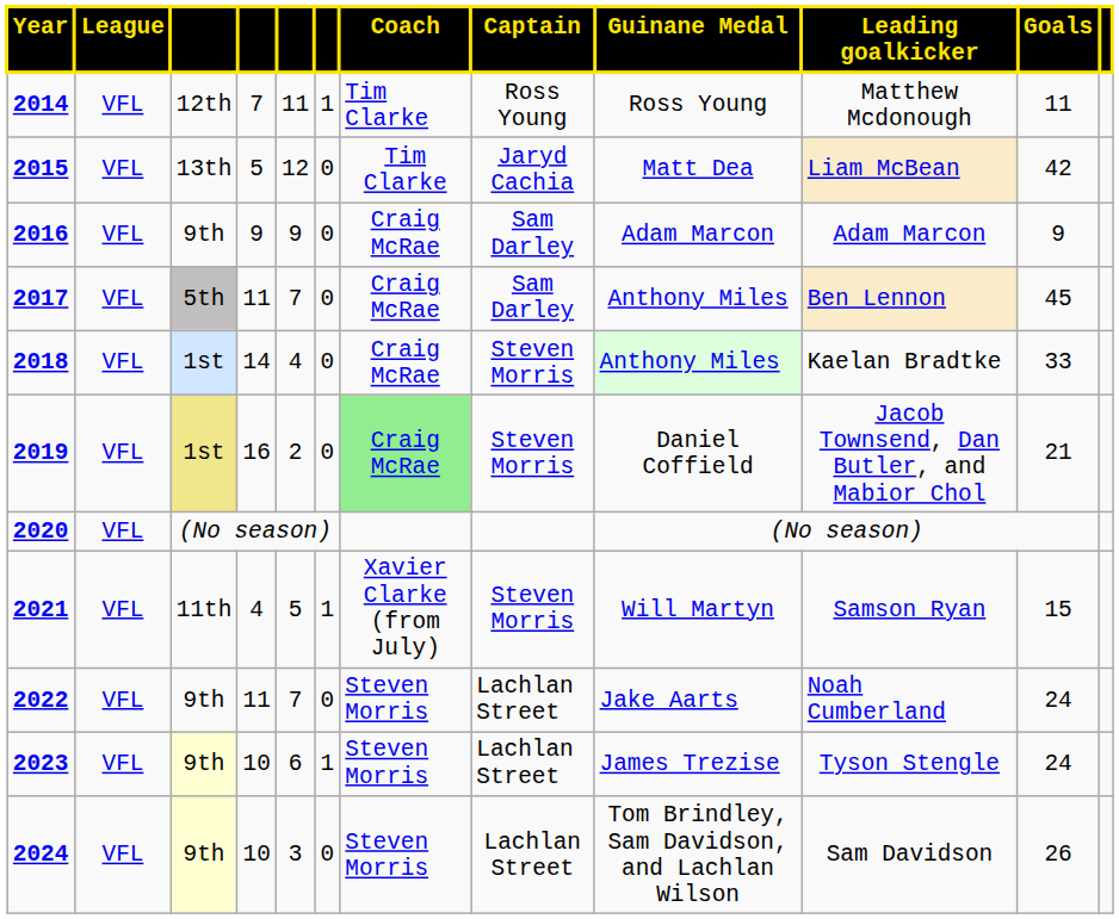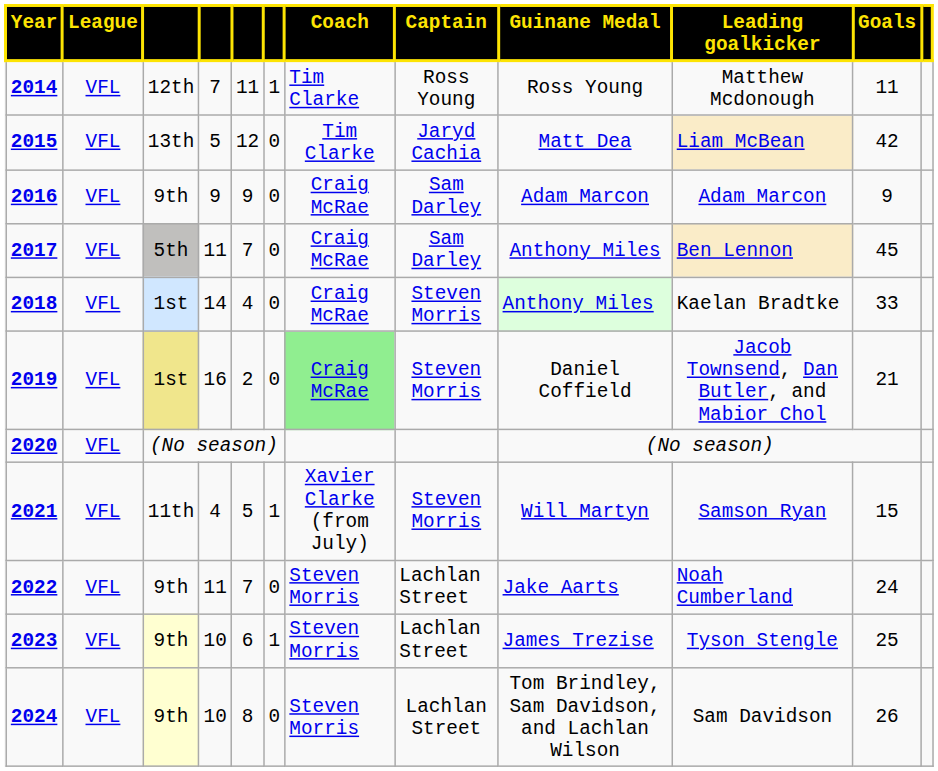 <table class="wikitable"; style="width:100%;">
 <tr valign="top">
 <th style="background:#000000; color:#fde403; border:solid #fde403 2px">Year</th>
 <th style="background:#000000; color:#fde403; border:solid #fde403 2px">League</th>
 <th style="background:#000000; color:#fde403; border:solid #fde403 2px"></th>
 <th style="background:#000000; color:#fde403; border:solid #fde403 2px"></th>
 <th style="background:#000000; color:#fde403; border:solid #fde403 2px"></th>
 <th style="background:#000000; color:#fde403; border:solid #fde403 2px"></th>
 <th style="background:#000000; color:#fde403; border:solid #fde403 2px">Coach</th>
 <th style="background:#000000; color:#fde403; border:solid #fde403 2px">Captain</th>
 <th style="background:#000000; color:#fde403; border:solid #fde403 2px">Guinane Medal</th>
 <th style="background:#000000; color:#fde403; border:solid #fde403 2px">Leading goalkicker</th>
 <th style="background:#000000; color:#fde403; border:solid #fde403 2px">Goals</th>
 <th style="background:#000000; color:#fde403; border:solid #fde403 2px"></th>
 </tr>
 <tr>
 <td align="center"><strong><a href='#'>2014</a></strong></td>
 <td align="center"><a href='#'>VFL</a></td>
 <td align="center">12th</td>
 <td align="center">7</td>
 <td align="center">11</td>
 <td align="center">1</td>
 <td><a href='#'> Tim Clarke</a></td>
 <td align="center">Ross Young</td>
 <td align="center">Ross Young</td>
 <td align="center">Matthew Mcdonough</td>
 <td align="center">11</td>
 <td align="center"><br> </td>
 </tr>
 <tr>
 <td align="center"><strong><a href='#'>2015</a></strong></td>
 <td align="center"><a href='#'>VFL</a></td>
 <td align="center">13th</td>
 <td align="center">5</td>
 <td align="center">12</td>
 <td align="center">0</td>
 <td align="center"><a href='#'>Tim Clarke</a></td>
 <td align="center"><a href='#'>Jaryd Cachia</a></td>
 <td align="center"><a href='#'>Matt Dea</a></td>
 <td style=background:#FAECC8><a href='#'>Liam McBean</a></td>
 <td align="center">42</td>
 <td align="center"><br> </td>
 </tr>
 <tr>
 <td align="center"><strong><a href='#'>2016</a></strong></td>
 <td align="center"><a href='#'>VFL</a></td>
 <td align="center">9th</td>
 <td align="center">9</td>
 <td align="center">9</td>
 <td align="center">0</td>
 <td align="center"><a href='#'>Craig McRae</a></td>
 <td align="center"><a href='#'>Sam Darley</a></td>
 <td align="center"><a href='#'>Adam Marcon</a></td>
 <td align="center"><a href='#'>Adam Marcon</a></td>
 <td align="center">9</td>
 <td align="center"><br></td>
 </tr>
 <tr>
 <td align="center"><strong><a href='#'>2017</a></strong></td>
 <td align="center"><a href='#'>VFL</a></td>
 <td style=background:#C0BFBD; align="center">5th</td>
 <td align="center">11</td>
 <td align="center">7</td>
 <td align="center">0</td>
 <td align="center"><a href='#'>Craig McRae</a></td>
 <td align="center"><a href='#'>Sam Darley</a></td>
 <td align="center"><a href='#'>Anthony Miles</a></td>
 <td style=background:#FAECC8><a href='#'>Ben Lennon</a></td>
 <td align="center">45</td>
 <td align="center"><br></td>
 </tr>
 <tr>
 <td align="center"><strong><a href='#'>2018</a></strong></td>
 <td align="center"><a href='#'>VFL</a></td>
 <td style=background:#D0E7FF; align="center">1st</td>
 <td align="center">14</td>
 <td align="center">4</td>
 <td align="center">0</td>
 <td align="center"><a href='#'>Craig McRae</a></td>
 <td align="center"><a href='#'> Steven Morris</a></td>
 <td style=background:#DDFFDD><a href='#'>Anthony Miles</a></td>
 <td>Kaelan Bradtke</td>
 <td align="center">33</td>
 <td align="center"><br></td>
 </tr>
 <tr>
 <td align="center"><strong><a href='#'>2019</a></strong></td>
 <td align="center"><a href='#'>VFL</a></td>
 <td style=background:#F0E68C; align="center">1st</td>
 <td align="center">16</td>
 <td align="center">2</td>
 <td align="center">0</td>
 <td align="center" style="background: lightgreen;"><a href='#'>Craig McRae</a></td>
 <td align="center"><a href='#'>Steven Morris</a></td>
 <td align="center">Daniel Coffield</td>
 <td align="center"><a href='#'>Jacob Townsend</a>, <a href='#'> Dan Butler</a>, and <a href='#'>Mabior Chol</a></td>
 <td align="center">21</td>
 <td align="center"><br> </td>
 </tr>
 <tr>
 <td align="center"><strong><a href='#'>2020</a></strong></td>
 <td align="center"><a href='#'>VFL</a></td>
 <td colspan="4"; align="center"><em>(No season)</em></td>
 <td></td>
 <td></td>
 <td colspan="3"; align="center"><em>(No season)</em></td>
 <td align="center"></td>
 </tr>
 <tr>
 <td align="center"><strong><a href='#'>2021</a></strong></td>
 <td align="center"><a href='#'>VFL</a></td>
 <td align="center">11th</td>
 <td align="center">4</td>
 <td align="center">5</td>
 <td align="center">1</td>
 <td align="center"><a href='#'>Xavier Clarke</a> (from July)</td>
 <td align="center"><a href='#'>Steven Morris</a></td>
 <td align="center"><a href='#'>Will Martyn</a></td>
 <td align="center"><a href='#'>Samson Ryan</a></td>
 <td align="center">15</td>
 <td align="center"></td>
 </tr>
 <tr>
 <td align="center"><strong><a href='#'>2022</a></strong></td>
 <td align="center"><a href='#'>VFL</a></td>
 <td align="center">9th</td>
 <td align="center">11</td>
 <td align="center">7</td>
 <td align="center">0</td>
 <td><a href='#'>Steven Morris</a></td>
 <td>Lachlan Street</td>
 <td><a href='#'>Jake Aarts</a></td>
 <td><a href='#'>Noah Cumberland</a></td>
 <td align="center">24</td>
 <td align="center"></td>
 </tr>
 <tr>
 <td align="center"><strong><a href='#'>2023</a></strong></td>
 <td align="center"><a href='#'>VFL</a></td>
 <td style=background:#FFFFD1; align="center">9th</td>
 <td align="center">10</td>
 <td align="center">6</td>
 <td align="center">1</td>
 <td><a href='#'>Steven Morris</a></td>
 <td>Lachlan Street</td>
 <td><a href='#'>James Trezise</a></td>
 <td align="center"><a href='#'>Tyson Stengle</a></td>
-<td align="center">24</td>
+<td align="center">25</td>
 <td align="center"></td>
 </tr>
 <tr>
 <td align="center"><strong><a href='#'>2024</a></strong></td>
 <td align="center"><a href='#'>VFL</a></td>
 <td style=background:#FFFFD1; align="center">9th</td>
 <td align="center">10</td>
-<td align="center">3</td>
+<td align="center">8</td>
 <td align="center">0</td>
 <td><a href='#'>Steven Morris</a></td>
 <td align="center">Lachlan Street</td>
 <td align="center">Tom Brindley, Sam Davidson, and Lachlan Wilson</td>
 <td align="center">Sam Davidson</td>
 <td align="center">26</td>
 <td align="center"><br></td>
 </tr>
 </table>
